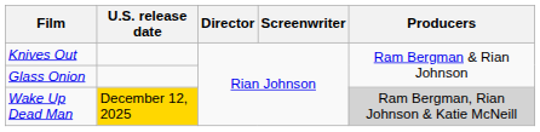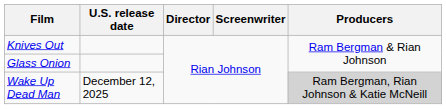 <table class="wikitable plainrowheaders" style="text-align:center">
 <tr>
 <th>Film</th>
 <th>U.S. release date</th>
 <th>Director</th>
 <th>Screenwriter</th>
 <th>Producers</th>
 </tr>
 <tr>
 <td style="text-align:left"><em><a href='#'>Knives Out</a></em></td>
 <td style="text-align:left"></td>
 <td colspan="2" rowspan="3"><a href='#'>Rian Johnson</a></td>
 <td rowspan="2"><a href='#'>Ram Bergman</a> & Rian Johnson</td>
 </tr>
 <tr>
 <td style="text-align:left"><em><a href='#'>Glass Onion</a></em></td>
 <td style="text-align:left"></td>
 </tr>
 <tr>
 <td style="text-align:left"><em><a href='#'>Wake Up Dead Man</a></em></td>
-<td style="background: gold; text-align:left">December 12, 2025</td>
+<td style="text-align:left">December 12, 2025</td>
 <td style="background: lightgrey;">Ram Bergman, Rian Johnson & Katie McNeill</td>
 </tr>
 </table>
